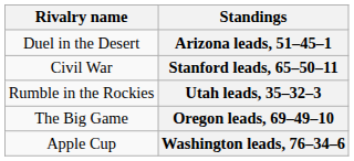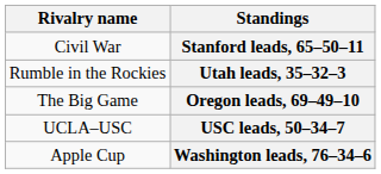 <table class="wikitable">
 <tr>
 <th>Rivalry name</th>
 <th>Standings</th>
-</tr>
-<tr>
-<td align="center">Duel in the Desert</td>
-<th><strong>Arizona leads, 51–45–1</strong></th>
 </tr>
 <tr>
 <td align="center">Civil War</td>
 <th><strong>Stanford leads, 65–50–11</strong></th>
 </tr>
 <tr>
 <td align="center">Rumble in the Rockies</td>
 <th><strong>Utah leads, 35–32–3</strong></th>
 </tr>
 <tr>
 <td align="center">The Big Game</td>
 <th><strong>Oregon leads, 69–49–10</strong></th>
 </tr>
 <tr>
+<td align="center">UCLA–USC</td>
+<th><strong>USC leads, 50–34–7</strong></th>
+</tr>
+<tr>
 <td align="center">Apple Cup</td>
 <th><strong>Washington leads, 76–34–6</strong></th>
 </tr>
 </table>
